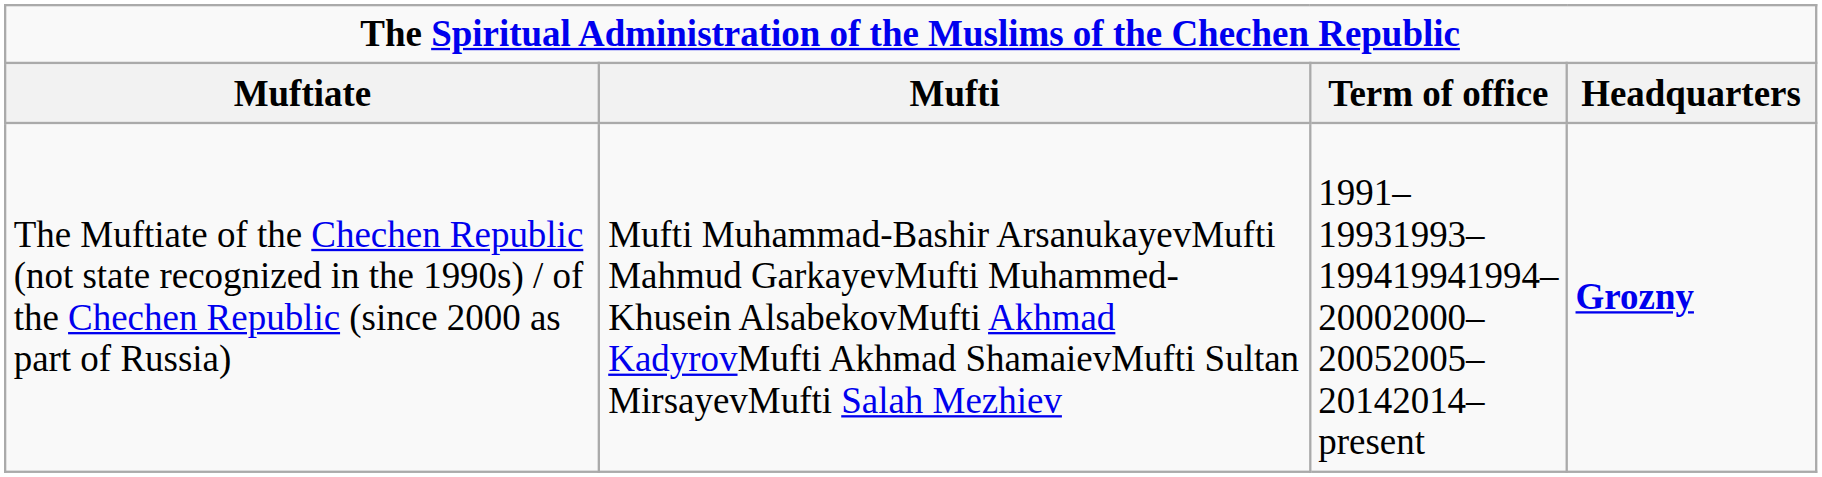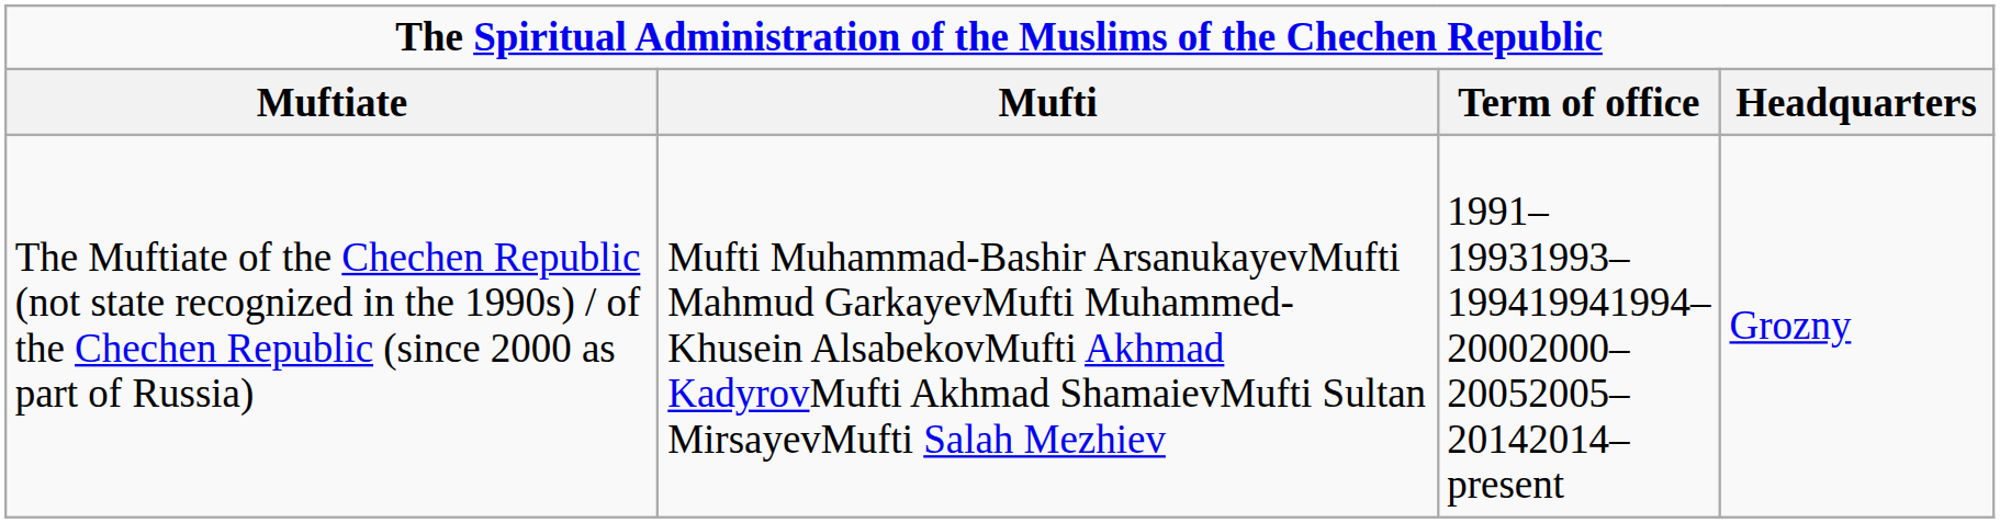 <table class=wikitable>
 <tr>
 <td colspan=4 align=center><strong>The <a href='#'>Spiritual Administration of the Muslims of the Chechen Republic</a></strong></td>
 </tr>
 <tr>
 <th scope="row" width="250">Muftiate</th>
 <th scope="row" width="300">Mufti</th>
 <th scope="row" width="100">Term of office</th>
 <th scope="row" width="100">Headquarters</th>
 </tr>
 <tr>
 <td>The Muftiate of the <a href='#'>Chechen Republic</a> (not state recognized in the 1990s) / of the <a href='#'>Chechen Republic</a> (since 2000 as part of Russia)</td>
 <td><br>Mufti Muhammad-Bashir ArsanukayevMufti Mahmud GarkayevMufti Muhammed-Khusein AlsabekovMufti <a href='#'>Akhmad Kadyrov</a>Mufti Akhmad ShamaievMufti Sultan MirsayevMufti <a href='#'>Salah Mezhiev</a></td>
 <td><br>1991–19931993–199419941994–20002000–20052005–20142014–present</td>
-<td><strong><a href='#'>Grozny</a></strong></td>
+<td><a href='#'>Grozny</a></td>
 </tr>
 </table>
